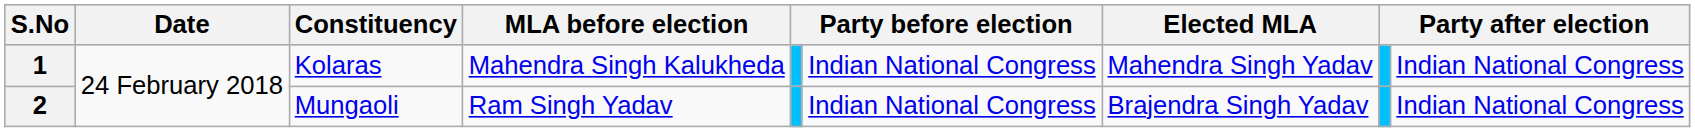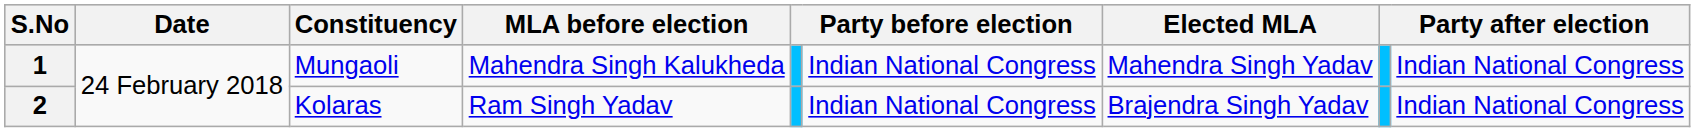 <table class="wikitable sortable">
 <tr>
 <th>S.No</th>
 <th>Date</th>
 <th>Constituency</th>
 <th>MLA before election</th>
 <th colspan="2">Party before election</th>
 <th>Elected MLA</th>
 <th colspan="2">Party after election</th>
 </tr>
 <tr>
 <th>1</th>
 <td Rowspan=2>24 February 2018</td>
-<td><a href='#'>Kolaras</a></td>
+<td><a href='#'>Mungaoli</a></td>
 <td><a href='#'>Mahendra Singh Kalukheda</a></td>
 <td bgcolor=#00BFFF></td>
 <td><a href='#'>Indian National Congress</a></td>
 <td><a href='#'>Mahendra Singh Yadav</a></td>
 <td bgcolor=#00BFFF></td>
 <td><a href='#'>Indian National Congress</a></td>
 </tr>
 <tr>
 <th>2</th>
-<td><a href='#'>Mungaoli</a></td>
+<td><a href='#'>Kolaras</a></td>
 <td><a href='#'>Ram Singh Yadav</a></td>
 <td bgcolor=#00BFFF></td>
 <td><a href='#'>Indian National Congress</a></td>
 <td><a href='#'>Brajendra Singh Yadav</a></td>
 <td bgcolor=#00BFFF></td>
 <td><a href='#'>Indian National Congress</a></td>
 </tr>
 </table>
